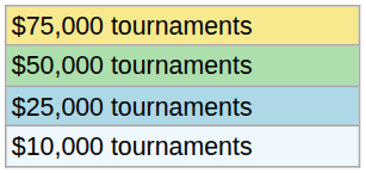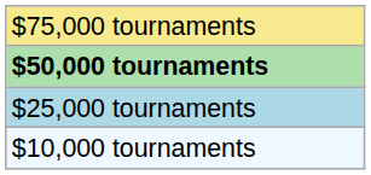 <table class="wikitable" style="font-size:85%;" width=15%>
 <tr style="background:#f7e98e;">
 <td>$75,000 tournaments</td>
 </tr>
 <tr style="background:#addfad;">
-<td>$50,000 tournaments</td>
+<td><strong>$50,000 tournaments</strong></td>
 </tr>
 <tr style="background:lightblue;">
 <td>$25,000 tournaments</td>
 </tr>
 <tr style="background:#f0f8ff;">
 <td>$10,000 tournaments</td>
 </tr>
 </table>
